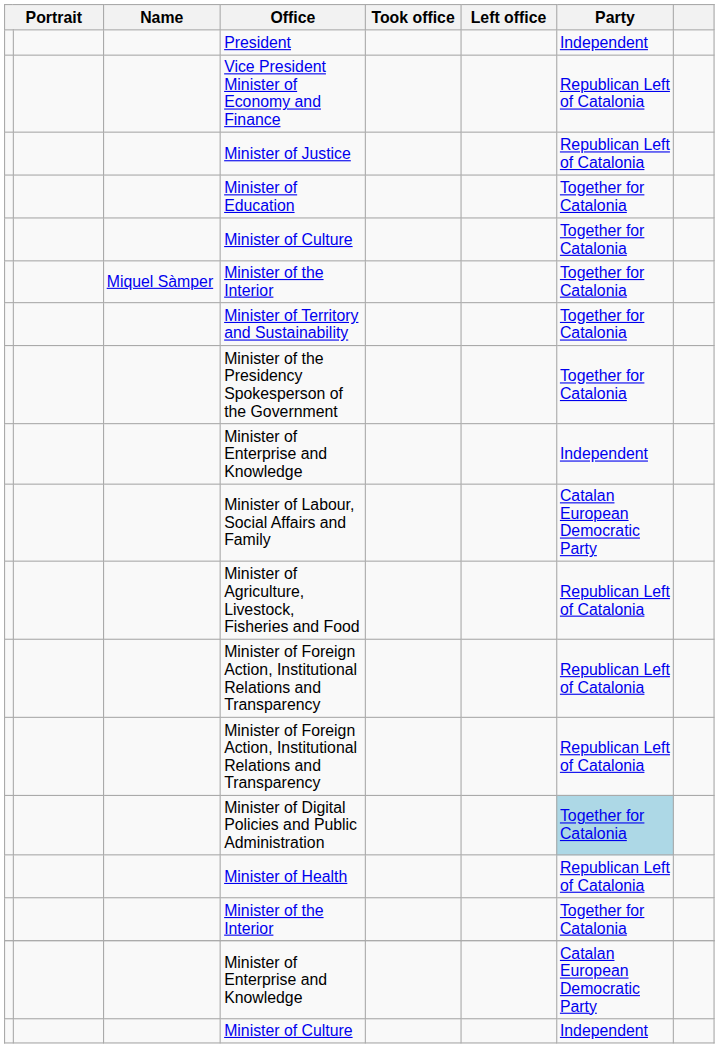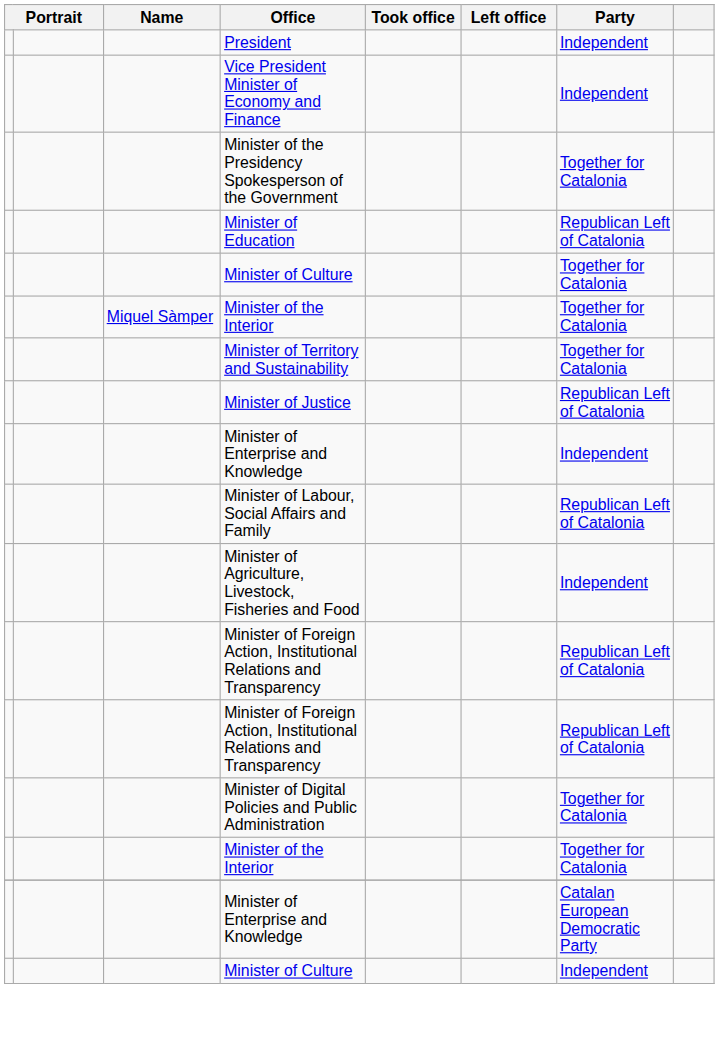 <table class="wikitable plainrowheaders sortable" style="font-size:90%; text-align:left;">
 <tr>
 <th scope=col class=unsortable colspan=2>Portrait</th>
 <th scope=col width=100>Name</th>
 <th scope=col width=125>Office</th>
 <th scope=col width=80>Took office</th>
 <th scope=col width=80>Left office</th>
 <th scope=col width=100>Party</th>
 <th scope=col width=30 class=unsortable></th>
 </tr>
 <tr>
 <td width="1" align="center" style="background:"></td>
 <td width="75" align=center></td>
 <td></td>
 <td><a href='#'>President</a></td>
 <td align=center></td>
 <td align=center></td>
 <td><a href='#'>Independent</a></td>
 <td align=center></td>
 </tr>
 <tr>
 <td align="center" style="background:"></td>
 <td align=center></td>
 <td></td>
 <td><a href='#'>Vice President</a><br><a href='#'>Minister of Economy and Finance</a></td>
 <td align=center></td>
 <td align=center></td>
-<td><a href='#'>Republican Left of Catalonia</a></td>
+<td><a href='#'>Independent</a></td>
 <td align=center></td>
 </tr>
 <tr>
 <td align="center" style="background:"></td>
 <td align=center></td>
 <td></td>
-<td><a href='#'>Minister of Justice</a></td>
+<td>Minister of the Presidency<br>Spokesperson of the Government</td>
 <td align=center></td>
 <td align=center></td>
-<td><a href='#'>Republican Left of Catalonia</a></td>
+<td><a href='#'>Together for Catalonia</a></td>
 <td align=center></td>
 </tr>
 <tr>
 <td align="center" style="background:"></td>
 <td align=center></td>
 <td></td>
 <td><a href='#'>Minister of Education</a></td>
 <td align=center></td>
 <td align=center></td>
-<td><a href='#'>Together for Catalonia</a></td>
+<td><a href='#'>Republican Left of Catalonia</a></td>
 <td align=center></td>
 </tr>
 <tr>
 <td align="center" style="background:"></td>
 <td align=center></td>
 <td></td>
 <td><a href='#'>Minister of Culture</a></td>
 <td align=center></td>
 <td align=center></td>
 <td><a href='#'>Together for Catalonia</a></td>
 <td align=center></td>
 </tr>
 <tr>
 <td align="center" style="background:"></td>
 <td align=center></td>
 <td><a href='#'>Miquel Sàmper</a></td>
 <td><a href='#'>Minister of the Interior</a></td>
 <td align=center></td>
 <td align=center></td>
 <td><a href='#'>Together for Catalonia</a></td>
 <td align=center></td>
 </tr>
 <tr>
 <td align="center" style="background:"></td>
 <td align=center></td>
 <td></td>
 <td><a href='#'>Minister of Territory and Sustainability</a></td>
 <td align=center></td>
 <td align=center></td>
 <td><a href='#'>Together for Catalonia</a></td>
 <td align=center></td>
 </tr>
 <tr>
 <td align="center" style="background:"></td>
 <td align=center></td>
 <td></td>
-<td>Minister of the Presidency<br>Spokesperson of the Government</td>
+<td><a href='#'>Minister of Justice</a></td>
 <td align=center></td>
 <td align=center></td>
-<td><a href='#'>Together for Catalonia</a></td>
+<td><a href='#'>Republican Left of Catalonia</a></td>
 <td align=center></td>
 </tr>
 <tr>
 <td align="center" style="background:"></td>
 <td align=center></td>
 <td></td>
 <td>Minister of Enterprise and Knowledge</td>
 <td align=center></td>
 <td align=center></td>
 <td><a href='#'>Independent</a></td>
 <td align=center></td>
 </tr>
 <tr>
 <td align="center" style="background:"></td>
 <td align=center></td>
 <td></td>
 <td>Minister of Labour, Social Affairs and Family</td>
 <td align=center></td>
 <td align=center></td>
-<td><a href='#'>Catalan European Democratic Party</a></td>
+<td><a href='#'>Republican Left of Catalonia</a></td>
 <td align=center></td>
 </tr>
 <tr>
 <td align="center" style="background:"></td>
 <td align=center></td>
 <td></td>
 <td>Minister of Agriculture, Livestock, Fisheries and Food</td>
 <td align=center></td>
 <td align=center></td>
-<td><a href='#'>Republican Left of Catalonia</a></td>
+<td><a href='#'>Independent</a></td>
 <td align=center></td>
 </tr>
 <tr>
 <td align="center" style="background:"></td>
 <td align=center></td>
 <td></td>
 <td>Minister of Foreign Action, Institutional Relations and Transparency</td>
 <td align=center></td>
 <td align=center></td>
 <td><a href='#'>Republican Left of Catalonia</a></td>
 <td align=center></td>
 </tr>
 <tr>
 <td align="center" style="background:"></td>
 <td align=center></td>
 <td></td>
 <td>Minister of Foreign Action, Institutional Relations and Transparency</td>
 <td align=center></td>
 <td align=center></td>
 <td><a href='#'>Republican Left of Catalonia</a></td>
 <td align=center></td>
 </tr>
 <tr>
 <td align="center" style="background:"></td>
 <td align=center></td>
 <td></td>
 <td>Minister of Digital Policies and Public Administration</td>
 <td align=center></td>
 <td align=center></td>
-<td style="background: lightblue;"><a href='#'>Together for Catalonia</a></td>
-<td align=center></td>
-</tr>
-<tr>
-<td align="center" style="background:"></td>
-<td align=center></td>
-<td></td>
-<td><a href='#'>Minister of Health</a></td>
-<td align=center></td>
-<td align=center></td>
-<td><a href='#'>Republican Left of Catalonia</a></td>
+<td><a href='#'>Together for Catalonia</a></td>
 <td align=center></td>
 </tr>
 <tr>
 <td align="center" style="background:"></td>
 <td align=center></td>
 <td></td>
 <td><a href='#'>Minister of the Interior</a></td>
 <td align=center></td>
 <td align=center></td>
 <td><a href='#'>Together for Catalonia</a></td>
 <td align=center></td>
 </tr>
 <tr>
 </tr>
 <tr>
 <td align="center" style="background:"></td>
 <td align=center></td>
 <td></td>
 <td>Minister of Enterprise and Knowledge</td>
 <td align=center></td>
 <td align=center></td>
 <td><a href='#'>Catalan European Democratic Party</a></td>
 <td align=center></td>
 </tr>
 <tr>
 <td align="center" style="background:"></td>
 <td align=center></td>
 <td></td>
 <td><a href='#'>Minister of Culture</a></td>
 <td align=center></td>
 <td align=center></td>
 <td><a href='#'>Independent</a></td>
 <td align=center></td>
 </tr>
 </table>
